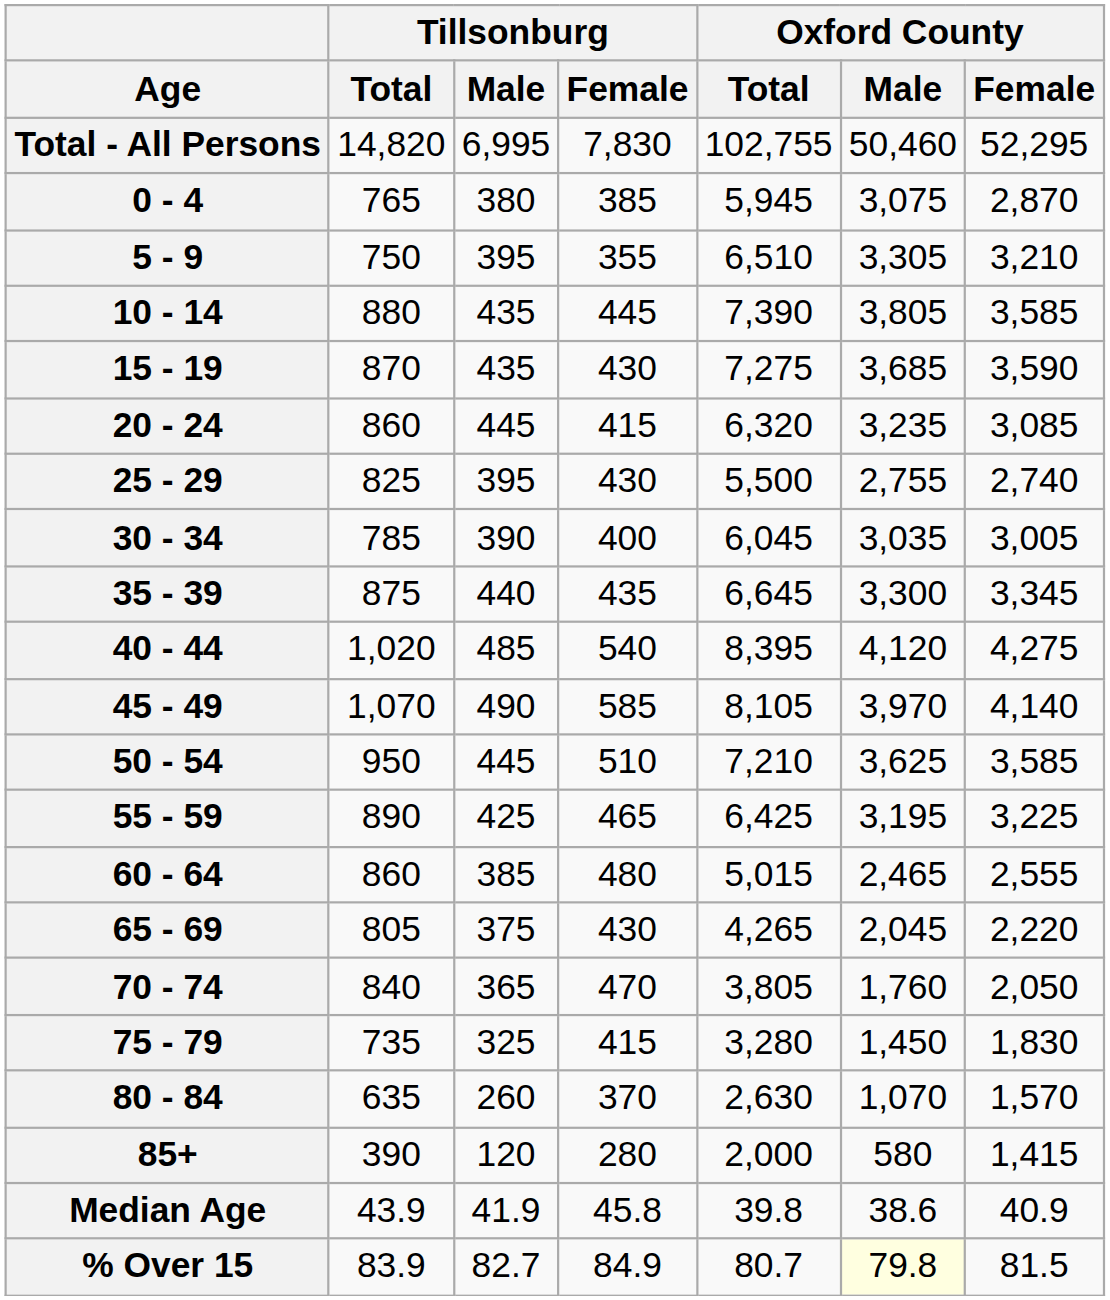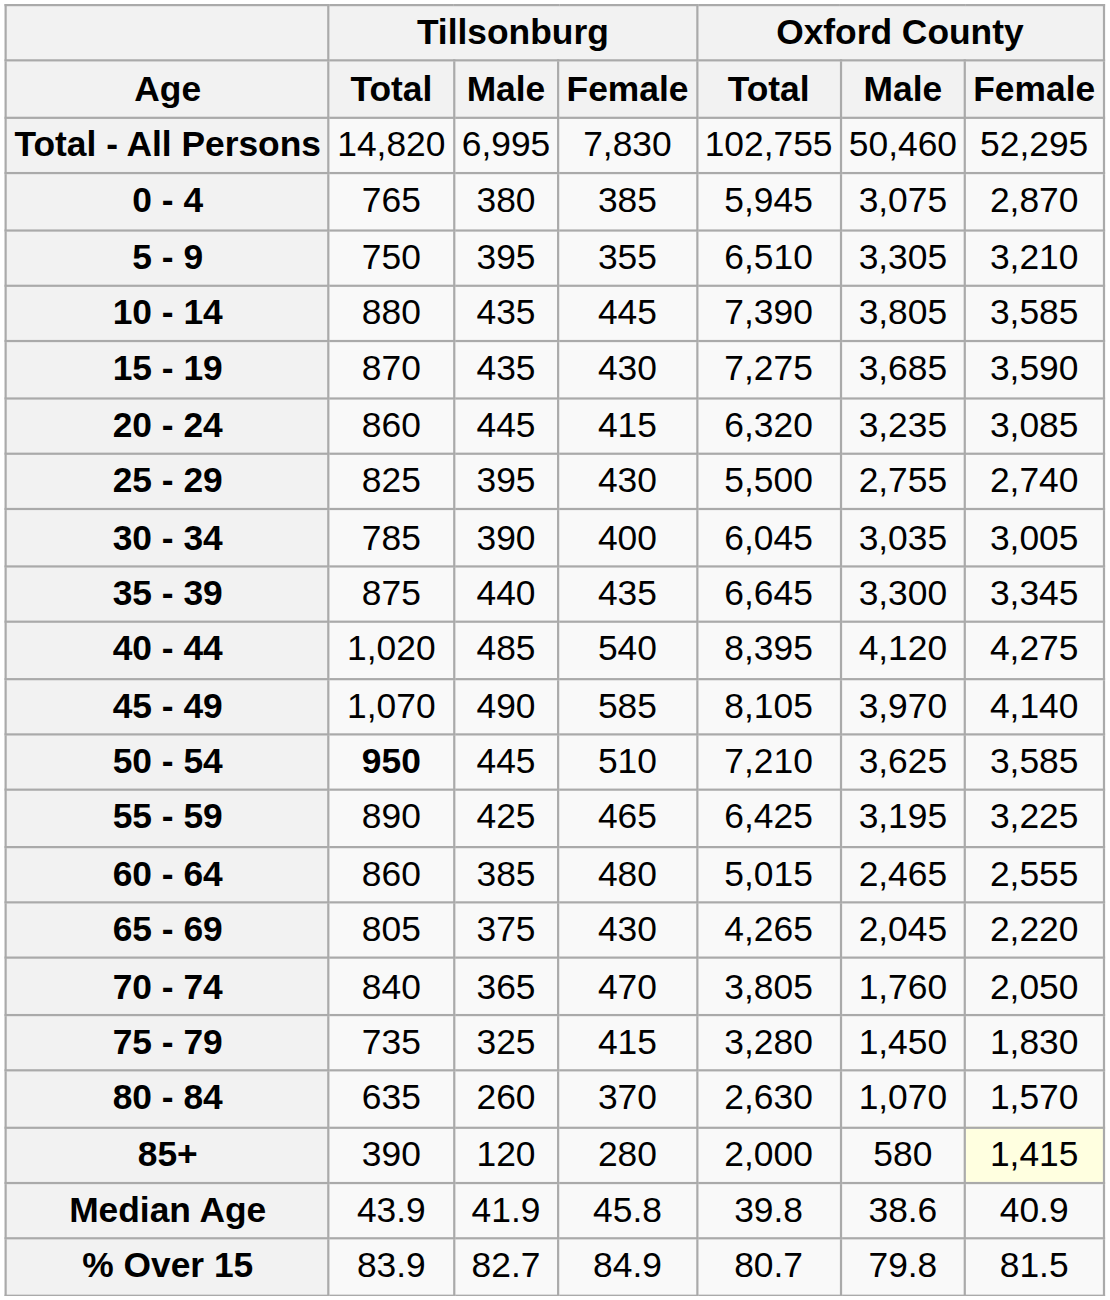 <table class="wikitable" style="margin: 1em auto 1em auto">
 <tr>
 <th></th>
 <th colspan="3">Tillsonburg</th>
 <th colspan="3">Oxford County</th>
 </tr>
 <tr>
 <th>Age</th>
 <th>Total</th>
 <th>Male</th>
 <th>Female</th>
 <th>Total</th>
 <th>Male</th>
 <th>Female</th>
 </tr>
 <tr align="center">
 <th>Total - All Persons</th>
 <td>14,820</td>
 <td>6,995</td>
 <td>7,830</td>
 <td>102,755</td>
 <td>50,460</td>
 <td>52,295</td>
 </tr>
 <tr align="center">
 <th>0 - 4</th>
 <td>765</td>
 <td>380</td>
 <td>385</td>
 <td>5,945</td>
 <td>3,075</td>
 <td>2,870</td>
 </tr>
 <tr align="center">
 <th>5 - 9</th>
 <td>750</td>
 <td>395</td>
 <td>355</td>
 <td>6,510</td>
 <td>3,305</td>
 <td>3,210</td>
 </tr>
 <tr align="center">
 <th>10 - 14</th>
 <td>880</td>
 <td>435</td>
 <td>445</td>
 <td>7,390</td>
 <td>3,805</td>
 <td>3,585</td>
 </tr>
 <tr align="center">
 <th>15 - 19</th>
 <td>870</td>
 <td>435</td>
 <td>430</td>
 <td>7,275</td>
 <td>3,685</td>
 <td>3,590</td>
 </tr>
 <tr align="center">
 <th>20 - 24</th>
 <td>860</td>
 <td>445</td>
 <td>415</td>
 <td>6,320</td>
 <td>3,235</td>
 <td>3,085</td>
 </tr>
 <tr align="center">
 <th>25 - 29</th>
 <td>825</td>
 <td>395</td>
 <td>430</td>
 <td>5,500</td>
 <td>2,755</td>
 <td>2,740</td>
 </tr>
 <tr align="center">
 <th>30 - 34</th>
 <td>785</td>
 <td>390</td>
 <td>400</td>
 <td>6,045</td>
 <td>3,035</td>
 <td>3,005</td>
 </tr>
 <tr align="center">
 <th>35 - 39</th>
 <td>875</td>
 <td>440</td>
 <td>435</td>
 <td>6,645</td>
 <td>3,300</td>
 <td>3,345</td>
 </tr>
 <tr align="center">
 <th>40 - 44</th>
 <td>1,020</td>
 <td>485</td>
 <td>540</td>
 <td>8,395</td>
 <td>4,120</td>
 <td>4,275</td>
 </tr>
 <tr align="center">
 <th>45 - 49</th>
 <td>1,070</td>
 <td>490</td>
 <td>585</td>
 <td>8,105</td>
 <td>3,970</td>
 <td>4,140</td>
 </tr>
 <tr align="center">
 <th>50 - 54</th>
-<td>950</td>
+<td><strong>950</strong></td>
 <td>445</td>
 <td>510</td>
 <td>7,210</td>
 <td>3,625</td>
 <td>3,585</td>
 </tr>
 <tr align="center">
 <th>55 - 59</th>
 <td>890</td>
 <td>425</td>
 <td>465</td>
 <td>6,425</td>
 <td>3,195</td>
 <td>3,225</td>
 </tr>
 <tr align="center">
 <th>60 - 64</th>
 <td>860</td>
 <td>385</td>
 <td>480</td>
 <td>5,015</td>
 <td>2,465</td>
 <td>2,555</td>
 </tr>
 <tr align="center">
 <th>65 - 69</th>
 <td>805</td>
 <td>375</td>
 <td>430</td>
 <td>4,265</td>
 <td>2,045</td>
 <td>2,220</td>
 </tr>
 <tr align="center">
 <th>70 - 74</th>
 <td>840</td>
 <td>365</td>
 <td>470</td>
 <td>3,805</td>
 <td>1,760</td>
 <td>2,050</td>
 </tr>
 <tr align="center">
 <th>75 - 79</th>
 <td>735</td>
 <td>325</td>
 <td>415</td>
 <td>3,280</td>
 <td>1,450</td>
 <td>1,830</td>
 </tr>
 <tr align="center">
 <th>80 - 84</th>
 <td>635</td>
 <td>260</td>
 <td>370</td>
 <td>2,630</td>
 <td>1,070</td>
 <td>1,570</td>
 </tr>
 <tr align="center">
 <th>85+</th>
 <td>390</td>
 <td>120</td>
 <td>280</td>
 <td>2,000</td>
 <td>580</td>
-<td>1,415</td>
+<td style="background: lightyellow;">1,415</td>
 </tr>
 <tr align="center">
 <th>Median Age</th>
 <td>43.9</td>
 <td>41.9</td>
 <td>45.8</td>
 <td>39.8</td>
 <td>38.6</td>
 <td>40.9</td>
 </tr>
 <tr align="center">
 <th>% Over 15</th>
 <td>83.9</td>
 <td>82.7</td>
 <td>84.9</td>
 <td>80.7</td>
-<td style="background: lightyellow;">79.8</td>
+<td>79.8</td>
 <td>81.5</td>
 </tr>
 </table>
